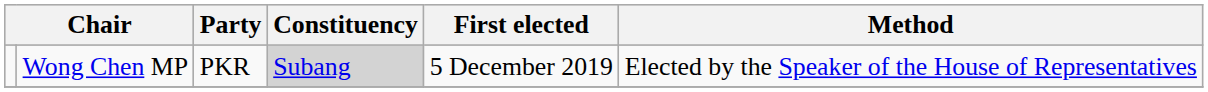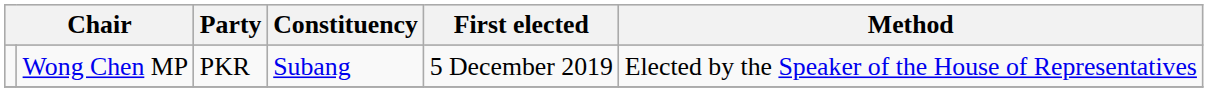 <table class="wikitable">
 <tr>
 <th colspan="2">Chair</th>
 <th>Party</th>
 <th>Constituency</th>
 <th>First elected</th>
 <th>Method</th>
 </tr>
 <tr>
 <td style="background-color: "></td>
 <td><a href='#'>Wong Chen</a> MP</td>
 <td>PKR</td>
-<td style="background: lightgrey;"><a href='#'>Subang</a></td>
+<td><a href='#'>Subang</a></td>
 <td>5 December 2019</td>
 <td>Elected by the <a href='#'>Speaker of the House of Representatives</a></td>
 </tr>
 <tr>
 </tr>
 </table>
